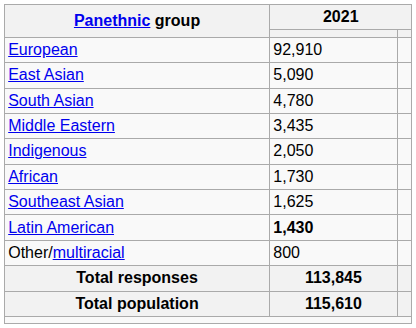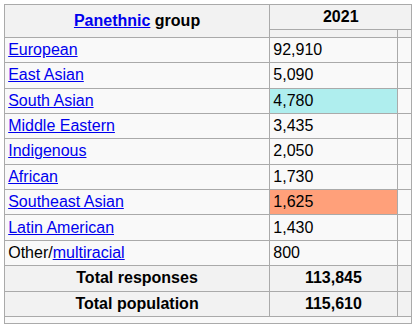 <table class="wikitable collapsible sortable">
 <tr>
 <th rowspan="2"><a href='#'>Panethnic</a> group</th>
 <th colspan="2">2021</th>
 </tr>
 <tr>
 <th><a href='#'></a></th>
 <th></th>
 </tr>
 <tr>
 <td><a href='#'>European</a></td>
 <td>92,910</td>
 <td></td>
 </tr>
 <tr>
 <td><a href='#'>East Asian</a></td>
 <td>5,090</td>
 <td></td>
 </tr>
 <tr>
 <td><a href='#'>South Asian</a></td>
-<td>4,780</td>
+<td style="background: paleturquoise;">4,780</td>
 <td></td>
 </tr>
 <tr>
 <td><a href='#'>Middle Eastern</a></td>
 <td>3,435</td>
 <td></td>
 </tr>
 <tr>
 <td><a href='#'>Indigenous</a></td>
 <td>2,050</td>
 <td></td>
 </tr>
 <tr>
 <td><a href='#'>African</a></td>
 <td>1,730</td>
 <td></td>
 </tr>
 <tr>
 <td><a href='#'>Southeast Asian</a></td>
-<td>1,625</td>
+<td style="background: lightsalmon;">1,625</td>
 <td></td>
 </tr>
 <tr>
 <td><a href='#'>Latin American</a></td>
-<td><strong>1,430</strong></td>
+<td>1,430</td>
 <td></td>
 </tr>
 <tr>
 <td>Other/<a href='#'>multiracial</a></td>
 <td>800</td>
 <td></td>
 </tr>
 <tr>
 <th>Total responses</th>
 <th>113,845</th>
 <th></th>
 </tr>
 <tr class="sortbottom">
 <th>Total population</th>
 <th>115,610</th>
 <th></th>
 </tr>
 <tr class="sortbottom">
 <td colspan="15" style="width: 25em;"></td>
 </tr>
 </table>
